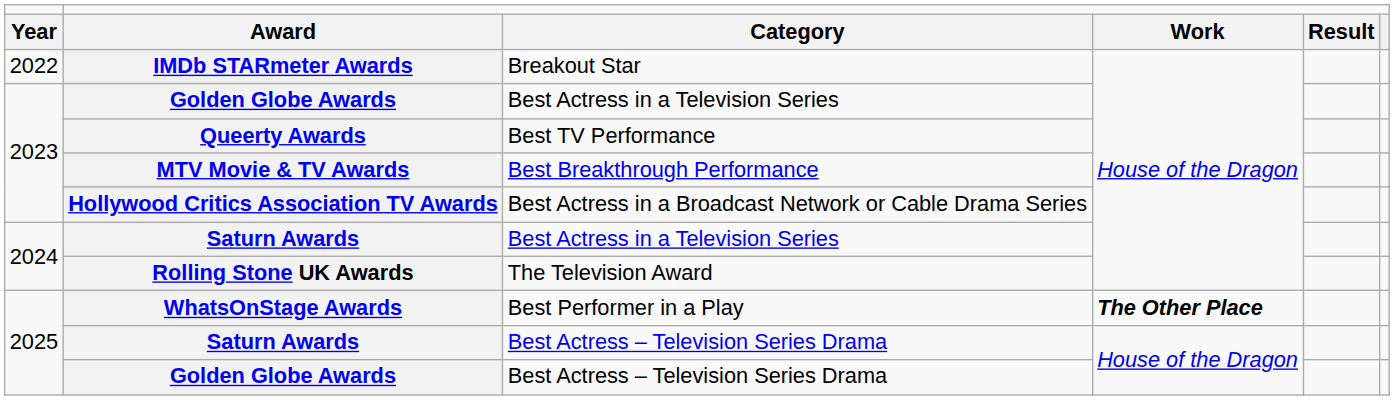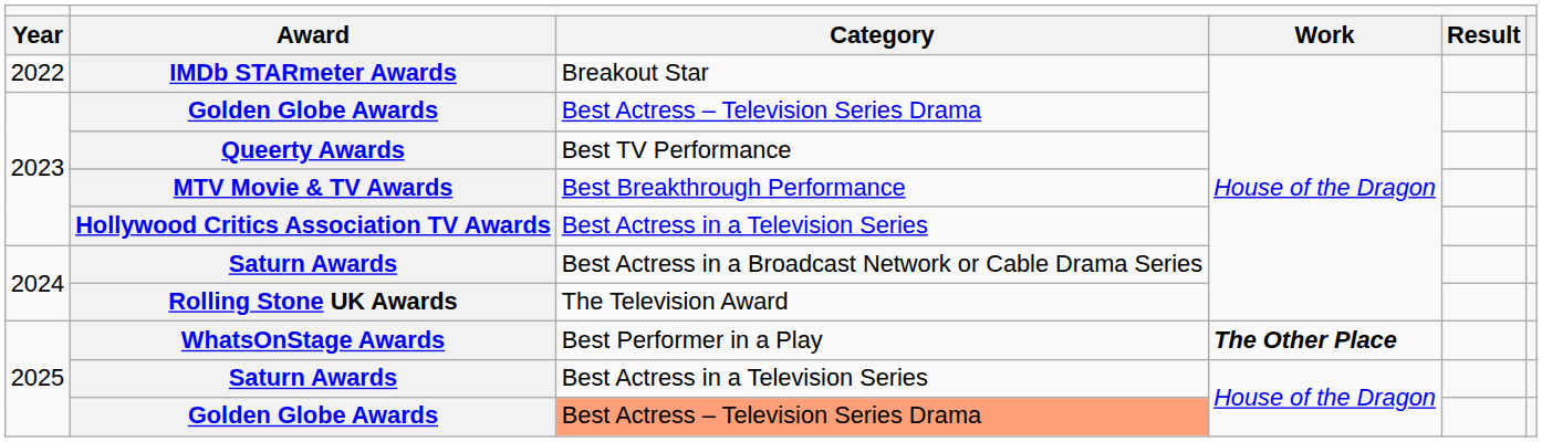 <table class="wikitable sortable plainrowheaders">
 <tr>
 <td></td>
 </tr>
 <tr>
 <th scope="col">Year</th>
 <th scope="col">Award</th>
 <th scope="col">Category</th>
 <th scope="col">Work</th>
 <th scope="col">Result</th>
 <th scope="col" class="unsortable"></th>
 </tr>
 <tr>
 <td style="text-align:center;">2022</td>
 <th scope="row"><a href='#'>IMDb STARmeter Awards</a></th>
 <td>Breakout Star</td>
 <td rowspan="7"><em><a href='#'>House of the Dragon</a></em></td>
 <td></td>
 <td style="text-align:center;"></td>
 </tr>
 <tr>
 <td rowspan="4" style="text-align:center;">2023</td>
 <th scope="row"><a href='#'>Golden Globe Awards</a></th>
-<td>Best Actress in a Television Series</td>
+<td><a href='#'>Best Actress – Television Series Drama</a></td>
 <td></td>
 <td style="text-align:center;"></td>
 </tr>
 <tr>
 <th scope="row"><a href='#'>Queerty Awards</a></th>
 <td>Best TV Performance</td>
 <td></td>
 <td align="center"></td>
 </tr>
 <tr>
 <th scope="row"><a href='#'>MTV Movie & TV Awards</a></th>
 <td><a href='#'>Best Breakthrough Performance</a></td>
 <td></td>
 <td align="center"></td>
 </tr>
 <tr>
 <th scope="row"><a href='#'>Hollywood Critics Association TV Awards</a></th>
-<td>Best Actress in a Broadcast Network or Cable Drama Series</td>
+<td><a href='#'>Best Actress in a Television Series</a></td>
 <td></td>
 <td></td>
 </tr>
 <tr>
 <td rowspan="2" style="text-align:center;">2024</td>
 <th scope="row"><a href='#'>Saturn Awards</a></th>
-<td><a href='#'>Best Actress in a Television Series</a></td>
+<td>Best Actress in a Broadcast Network or Cable Drama Series</td>
 <td></td>
 <td></td>
 </tr>
 <tr>
 <th scope="row"><a href='#'>Rolling Stone</a> UK Awards</th>
 <td>The Television Award</td>
 <td></td>
 <td></td>
 </tr>
 <tr>
 <td rowspan="3" style="text-align:center;">2025</td>
 <th scope="row"><a href='#'>WhatsOnStage Awards</a></th>
 <td>Best Performer in a Play</td>
 <td><strong><em>The Other Place</em></strong></td>
 <td></td>
 <td></td>
 </tr>
 <tr>
 <th scope="row"><a href='#'>Saturn Awards</a></th>
-<td><a href='#'>Best Actress – Television Series Drama</a></td>
+<td>Best Actress in a Television Series</td>
 <td rowspan="2"><em><a href='#'>House of the Dragon</a></em></td>
 <td></td>
 <td></td>
 </tr>
 <tr>
 <th scope="row"><a href='#'>Golden Globe Awards</a></th>
-<td>Best Actress – Television Series Drama</td>
+<td style="background: lightsalmon;">Best Actress – Television Series Drama</td>
 <td></td>
 <td></td>
 </tr>
 </table>
